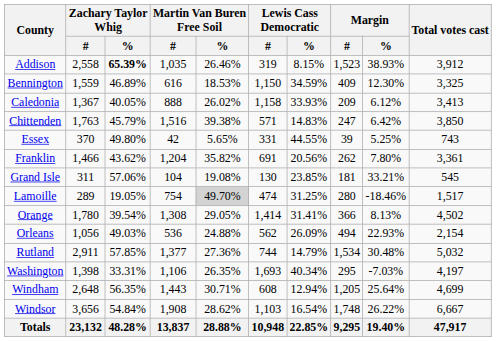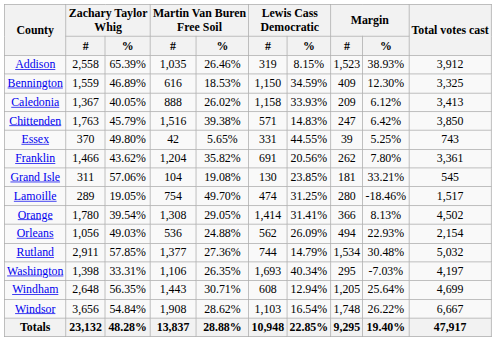 <table class="wikitable sortable" style="text-align:center">
 <tr>
 <th style="text-align:center;" rowspan="2">County</th>
 <th style="text-align:center;" colspan="2">Zachary Taylor<br>Whig</th>
 <th style="text-align:center;" colspan="2">Martin Van Buren<br>Free Soil</th>
 <th style="text-align:center;" colspan="2">Lewis Cass<br>Democratic</th>
 <th style="text-align:center;" colspan="2">Margin</th>
 <th style="text-align:center;" rowspan="2">Total votes cast</th>
 </tr>
 <tr>
 <th data-sort-type="number">#</th>
 <th data-sort-type="number">%</th>
 <th data-sort-type="number">#</th>
 <th data-sort-type="number">%</th>
 <th data-sort-type="number">#</th>
 <th data-sort-type="number">%</th>
 <th data-sort-type="number">#</th>
 <th data-sort-type="number">%</th>
 </tr>
 <tr style="text-align:center;">
 <td><a href='#'>Addison</a></td>
 <td>2,558</td>
-<td><strong>65.39%</strong></td>
+<td>65.39%</td>
 <td>1,035</td>
 <td>26.46%</td>
 <td>319</td>
 <td>8.15%</td>
 <td>1,523</td>
 <td>38.93%</td>
 <td>3,912</td>
 </tr>
 <tr style="text-align:center;">
 <td><a href='#'>Bennington</a></td>
 <td>1,559</td>
 <td>46.89%</td>
 <td>616</td>
 <td>18.53%</td>
 <td>1,150</td>
 <td>34.59%</td>
 <td>409</td>
 <td>12.30%</td>
 <td>3,325</td>
 </tr>
 <tr style="text-align:center;">
 <td><a href='#'>Caledonia</a></td>
 <td>1,367</td>
 <td>40.05%</td>
 <td>888</td>
 <td>26.02%</td>
 <td>1,158</td>
 <td>33.93%</td>
 <td>209</td>
 <td>6.12%</td>
 <td>3,413</td>
 </tr>
 <tr style="text-align:center;">
 <td><a href='#'>Chittenden</a></td>
 <td>1,763</td>
 <td>45.79%</td>
 <td>1,516</td>
 <td>39.38%</td>
 <td>571</td>
 <td>14.83%</td>
 <td>247</td>
 <td>6.42%</td>
 <td>3,850</td>
 </tr>
 <tr style="text-align:center;">
 <td><a href='#'>Essex</a></td>
 <td>370</td>
 <td>49.80%</td>
 <td>42</td>
 <td>5.65%</td>
 <td>331</td>
 <td>44.55%</td>
 <td>39</td>
 <td>5.25%</td>
 <td>743</td>
 </tr>
 <tr style="text-align:center;">
 <td><a href='#'>Franklin</a></td>
 <td>1,466</td>
 <td>43.62%</td>
 <td>1,204</td>
 <td>35.82%</td>
 <td>691</td>
 <td>20.56%</td>
 <td>262</td>
 <td>7.80%</td>
 <td>3,361</td>
 </tr>
 <tr style="text-align:center;">
 <td><a href='#'>Grand Isle</a></td>
 <td>311</td>
 <td>57.06%</td>
 <td>104</td>
 <td>19.08%</td>
 <td>130</td>
 <td>23.85%</td>
 <td>181</td>
 <td>33.21%</td>
 <td>545</td>
 </tr>
 <tr style="text-align:center;">
 <td><a href='#'>Lamoille</a></td>
 <td>289</td>
 <td>19.05%</td>
 <td>754</td>
-<td style="background: lightgrey;">49.70%</td>
+<td>49.70%</td>
 <td>474</td>
 <td>31.25%</td>
 <td>280</td>
 <td>-18.46%</td>
 <td>1,517</td>
 </tr>
 <tr style="text-align:center;">
 <td><a href='#'>Orange</a></td>
 <td>1,780</td>
 <td>39.54%</td>
 <td>1,308</td>
 <td>29.05%</td>
 <td>1,414</td>
 <td>31.41%</td>
 <td>366</td>
 <td>8.13%</td>
 <td>4,502</td>
 </tr>
 <tr style="text-align:center;">
 <td><a href='#'>Orleans</a></td>
 <td>1,056</td>
 <td>49.03%</td>
 <td>536</td>
 <td>24.88%</td>
 <td>562</td>
 <td>26.09%</td>
 <td>494</td>
 <td>22.93%</td>
 <td>2,154</td>
 </tr>
 <tr style="text-align:center;">
 <td><a href='#'>Rutland</a></td>
 <td>2,911</td>
 <td>57.85%</td>
 <td>1,377</td>
 <td>27.36%</td>
 <td>744</td>
 <td>14.79%</td>
 <td>1,534</td>
 <td>30.48%</td>
 <td>5,032</td>
 </tr>
 <tr style="text-align:center;">
 <td><a href='#'>Washington</a></td>
 <td>1,398</td>
 <td>33.31%</td>
 <td>1,106</td>
 <td>26.35%</td>
 <td>1,693</td>
 <td>40.34%</td>
 <td>295</td>
 <td>-7.03%</td>
 <td>4,197</td>
 </tr>
 <tr style="text-align:center;">
 <td><a href='#'>Windham</a></td>
 <td>2,648</td>
 <td>56.35%</td>
 <td>1,443</td>
 <td>30.71%</td>
 <td>608</td>
 <td>12.94%</td>
 <td>1,205</td>
 <td>25.64%</td>
 <td>4,699</td>
 </tr>
 <tr style="text-align:center;">
 <td><a href='#'>Windsor</a></td>
 <td>3,656</td>
 <td>54.84%</td>
 <td>1,908</td>
 <td>28.62%</td>
 <td>1,103</td>
 <td>16.54%</td>
 <td>1,748</td>
 <td>26.22%</td>
 <td>6,667</td>
 </tr>
 <tr style="text-align:center;">
 <th>Totals</th>
 <th>23,132</th>
 <th>48.28%</th>
 <th>13,837</th>
 <th>28.88%</th>
 <th>10,948</th>
 <th>22.85%</th>
 <th>9,295</th>
 <th>19.40%</th>
 <th>47,917</th>
 </tr>
 </table>
